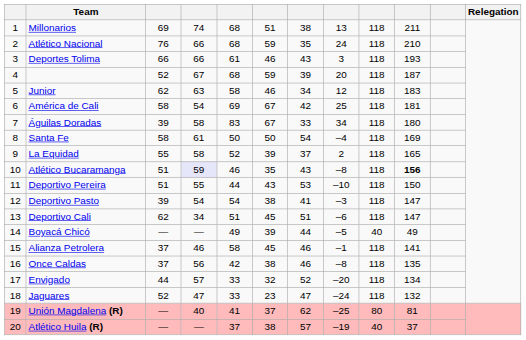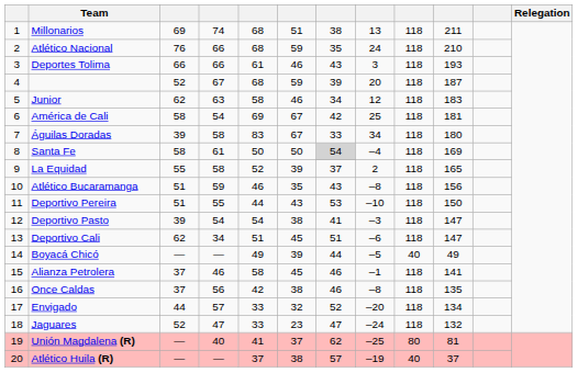 <table class="wikitable" style="text-align: center;">
 <tr>
 <th width=28><br></th>
 <th width=185>Team</th>
 <th width=50></th>
 <th width=50></th>
 <th width=50></th>
 <th width=50></th>
 <th width=50></th>
 <th width=50></th>
 <th width=50></th>
 <th width=50></th>
 <th width=50></th>
 <th>Relegation</th>
 </tr>
 <tr>
 <td>1</td>
 <td align="left"><a href='#'>Millonarios</a></td>
 <td>69</td>
 <td>74</td>
 <td>68</td>
 <td>51</td>
 <td>38</td>
 <td>13</td>
 <td>118</td>
 <td>211</td>
 <td><strong></strong></td>
 <td rowspan=18></td>
 </tr>
 <tr>
 <td>2</td>
 <td align="left"><a href='#'>Atlético Nacional</a></td>
 <td>76</td>
 <td>66</td>
 <td>68</td>
 <td>59</td>
 <td>35</td>
 <td>24</td>
 <td>118</td>
 <td>210</td>
 <td><strong></strong></td>
 </tr>
 <tr>
 <td>3</td>
 <td align="left"><a href='#'>Deportes Tolima</a></td>
 <td>66</td>
 <td>66</td>
 <td>61</td>
 <td>46</td>
 <td>43</td>
 <td>3</td>
 <td>118</td>
 <td>193</td>
 <td><strong></strong></td>
 </tr>
 <tr>
 <td>4</td>
 <td align="left"></td>
 <td>52</td>
 <td>67</td>
 <td>68</td>
 <td>59</td>
 <td>39</td>
 <td>20</td>
 <td>118</td>
 <td>187</td>
 <td><strong></strong></td>
 </tr>
 <tr>
 <td>5</td>
 <td align="left"><a href='#'>Junior</a></td>
 <td>62</td>
 <td>63</td>
 <td>58</td>
 <td>46</td>
 <td>34</td>
 <td>12</td>
 <td>118</td>
 <td>183</td>
 <td><strong></strong></td>
 </tr>
 <tr>
 <td>6</td>
 <td align="left"><a href='#'>América de Cali</a></td>
 <td>58</td>
 <td>54</td>
 <td>69</td>
 <td>67</td>
 <td>42</td>
 <td>25</td>
 <td>118</td>
 <td>181</td>
 <td><strong></strong></td>
 </tr>
 <tr>
 <td>7</td>
 <td align="left"><a href='#'>Águilas Doradas</a></td>
 <td>39</td>
 <td>58</td>
 <td>83</td>
 <td>67</td>
 <td>33</td>
 <td>34</td>
 <td>118</td>
 <td>180</td>
 <td><strong></strong></td>
 </tr>
 <tr>
 <td>8</td>
 <td align="left"><a href='#'>Santa Fe</a></td>
 <td>58</td>
 <td>61</td>
 <td>50</td>
 <td>50</td>
-<td>54</td>
+<td style="background: lightgrey;">54</td>
 <td>–4</td>
 <td>118</td>
 <td>169</td>
 <td><strong></strong></td>
 </tr>
 <tr>
 <td>9</td>
 <td align="left"><a href='#'>La Equidad</a></td>
 <td>55</td>
 <td>58</td>
 <td>52</td>
 <td>39</td>
 <td>37</td>
 <td>2</td>
 <td>118</td>
 <td>165</td>
 <td><strong></strong></td>
 </tr>
 <tr>
 <td>10</td>
 <td align="left"><a href='#'>Atlético Bucaramanga</a></td>
 <td>51</td>
-<td style="background: lavender;">59</td>
+<td>59</td>
 <td>46</td>
 <td>35</td>
 <td>43</td>
 <td>–8</td>
 <td>118</td>
-<td><strong>156</strong></td>
+<td>156</td>
 <td><strong></strong></td>
 </tr>
 <tr>
 <td>11</td>
 <td align="left"><a href='#'>Deportivo Pereira</a></td>
 <td>51</td>
 <td>55</td>
 <td>44</td>
 <td>43</td>
 <td>53</td>
 <td>–10</td>
 <td>118</td>
 <td>150</td>
 <td><strong></strong></td>
 </tr>
 <tr>
 <td>12</td>
 <td align="left"><a href='#'>Deportivo Pasto</a></td>
 <td>39</td>
 <td>54</td>
 <td>54</td>
 <td>38</td>
 <td>41</td>
 <td>–3</td>
 <td>118</td>
 <td>147</td>
 <td><strong></strong></td>
 </tr>
 <tr>
 <td>13</td>
 <td align="left"><a href='#'>Deportivo Cali</a></td>
 <td>62</td>
 <td>34</td>
 <td>51</td>
 <td>45</td>
 <td>51</td>
 <td>–6</td>
 <td>118</td>
 <td>147</td>
 <td><strong></strong></td>
 </tr>
 <tr>
 <td>14</td>
 <td align="left"><a href='#'>Boyacá Chicó</a></td>
 <td>—</td>
 <td>—</td>
 <td>49</td>
 <td>39</td>
 <td>44</td>
 <td>–5</td>
 <td>40</td>
 <td>49</td>
 <td><strong></strong></td>
 </tr>
 <tr>
 <td>15</td>
 <td align="left"><a href='#'>Alianza Petrolera</a></td>
 <td>37</td>
 <td>46</td>
 <td>58</td>
 <td>45</td>
 <td>46</td>
 <td>–1</td>
 <td>118</td>
 <td>141</td>
 <td><strong></strong></td>
 </tr>
 <tr>
 <td>16</td>
 <td align="left"><a href='#'>Once Caldas</a></td>
 <td>37</td>
 <td>56</td>
 <td>42</td>
 <td>38</td>
 <td>46</td>
 <td>–8</td>
 <td>118</td>
 <td>135</td>
 <td><strong></strong></td>
 </tr>
 <tr>
 <td>17</td>
 <td align="left"><a href='#'>Envigado</a></td>
 <td>44</td>
 <td>57</td>
 <td>33</td>
 <td>32</td>
 <td>52</td>
 <td>–20</td>
 <td>118</td>
 <td>134</td>
 <td><strong></strong></td>
 </tr>
 <tr>
 <td>18</td>
 <td align="left"><a href='#'>Jaguares</a></td>
 <td>52</td>
 <td>47</td>
 <td>33</td>
 <td>23</td>
 <td>47</td>
 <td>–24</td>
 <td>118</td>
 <td>132</td>
 <td><strong></strong></td>
 </tr>
 <tr bgcolor=#FFBBBB>
 <td>19</td>
 <td align="left"><a href='#'>Unión Magdalena</a> <strong>(R)</strong></td>
 <td>—</td>
 <td>40</td>
 <td>41</td>
 <td>37</td>
 <td>62</td>
 <td>–25</td>
 <td>80</td>
 <td>81</td>
 <td><strong></strong></td>
 <td rowspan=2></td>
 </tr>
 <tr bgcolor=#FFBBBB>
 <td>20</td>
 <td align="left"><a href='#'>Atlético Huila</a> <strong>(R)</strong></td>
 <td>—</td>
 <td>—</td>
 <td>37</td>
 <td>38</td>
 <td>57</td>
 <td>–19</td>
 <td>40</td>
 <td>37</td>
 <td><strong></strong></td>
 </tr>
 </table>
